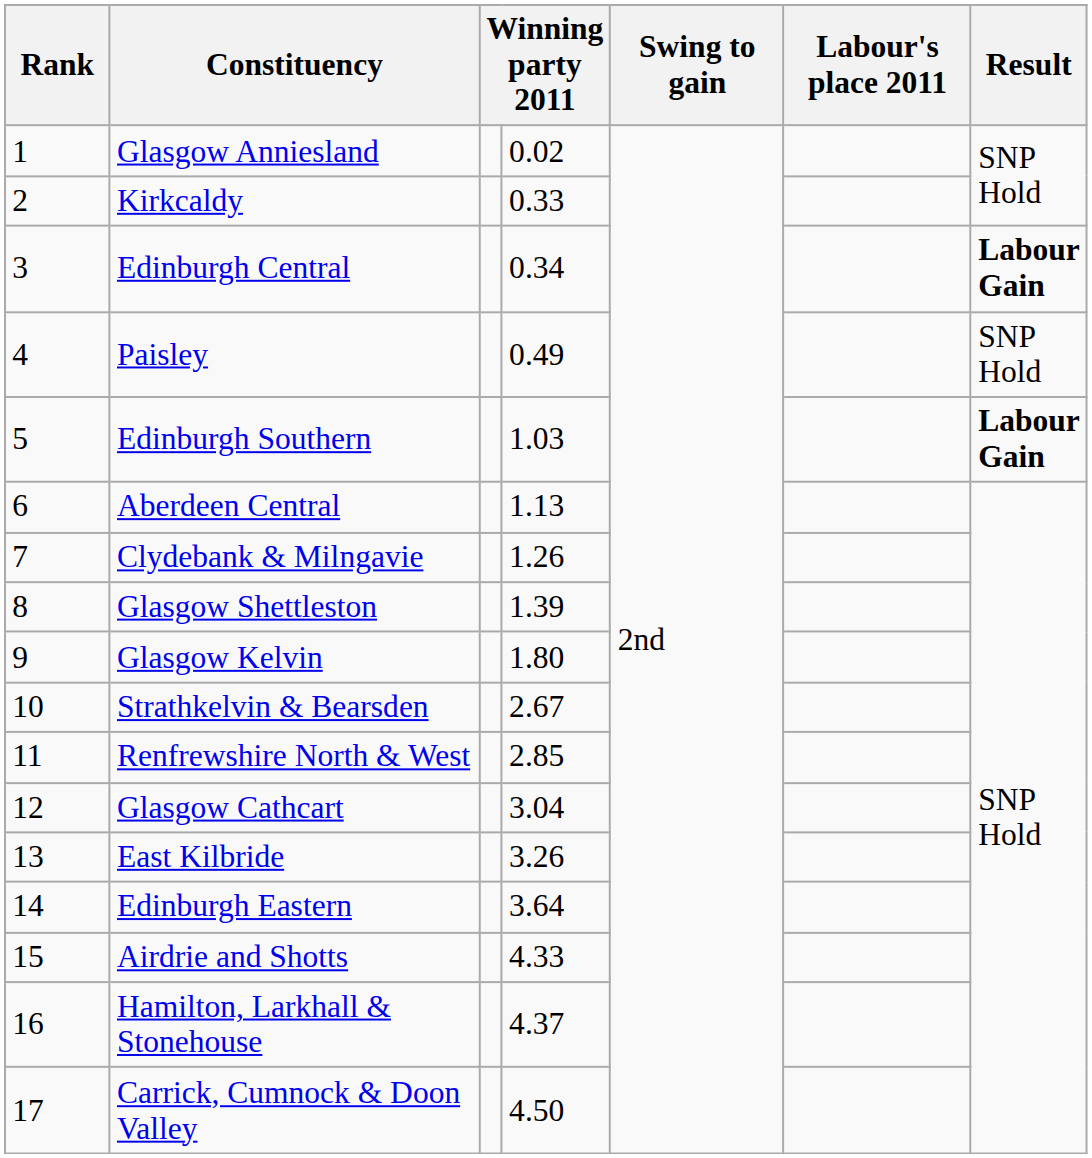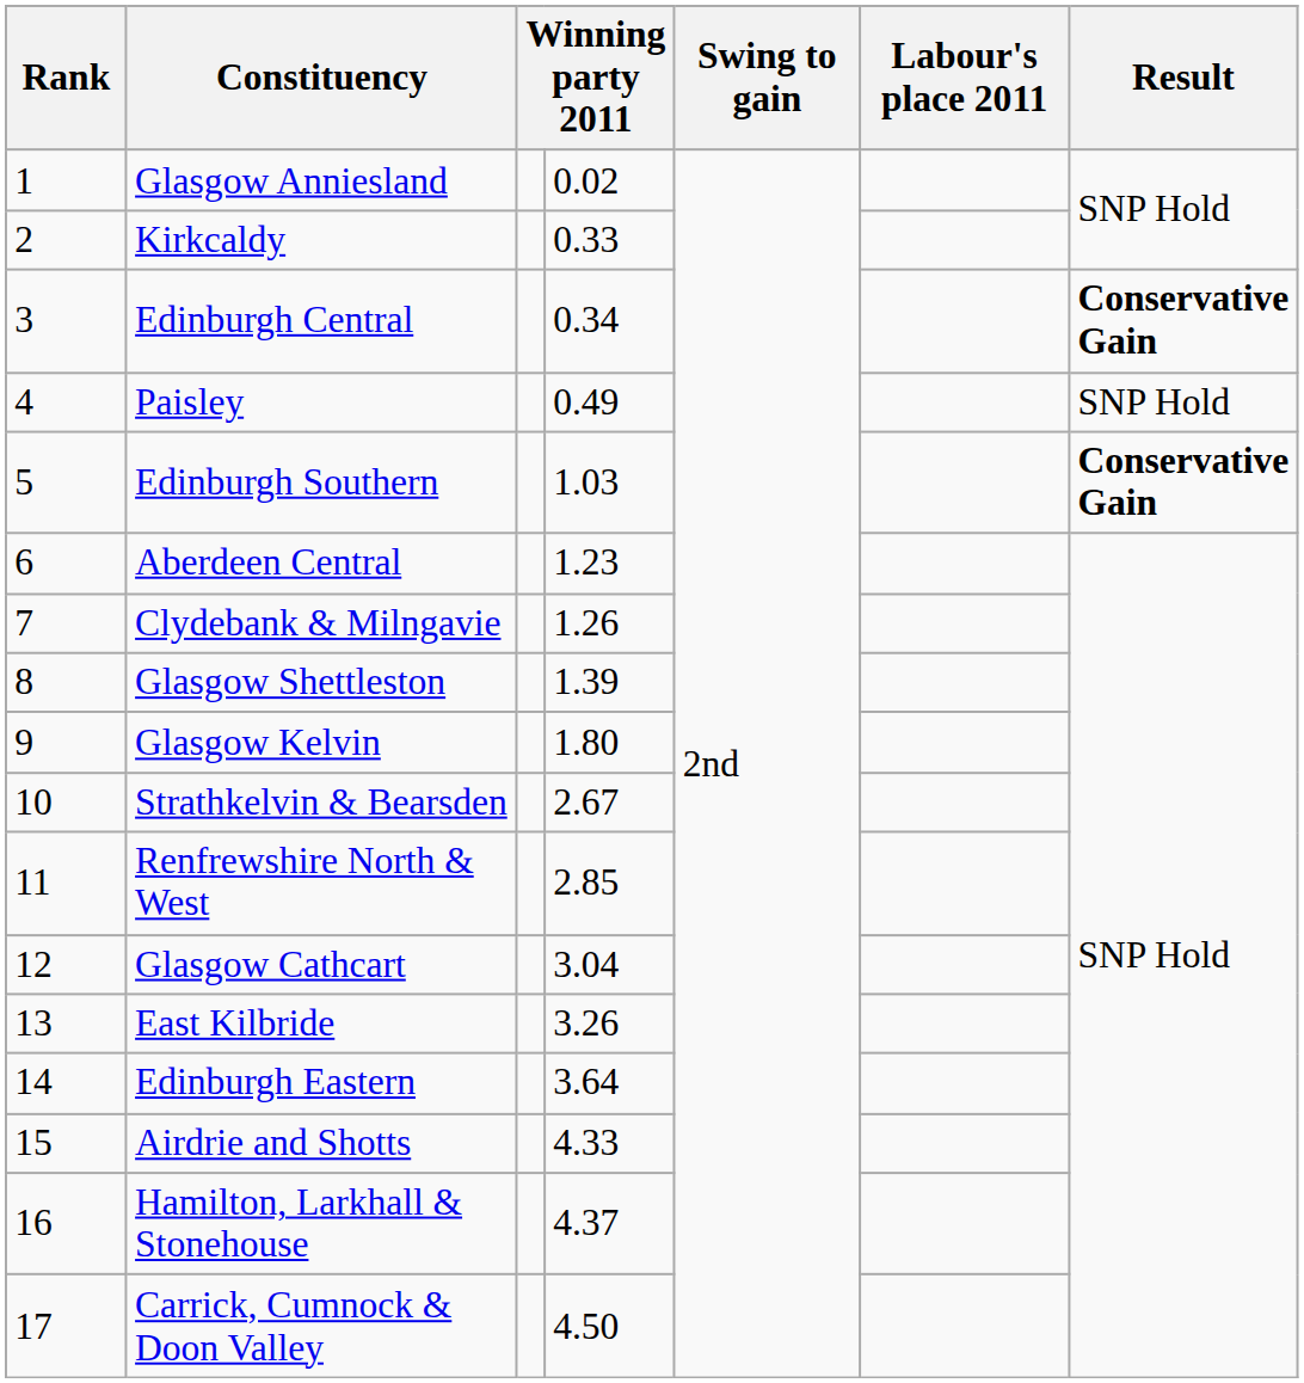 <table class="wikitable" style="width:550px">
 <tr>
 <th style="width:50px;">Rank</th>
 <th style="width:225px;">Constituency</th>
 <th colspan="2" style="width:175px;">Winning party 2011</th>
 <th style="width:100px;">Swing to gain</th>
 <th style="width:100px;">Labour's place 2011</th>
 <th colspan="2" style="width:175px;">Result</th>
 </tr>
 <tr>
 <td>1</td>
 <td><a href='#'>Glasgow Anniesland</a></td>
 <td></td>
 <td>0.02</td>
 <td rowspan="17">2nd</td>
 <td style="background-color: "></td>
 <td rowspan="2">SNP Hold</td>
 </tr>
 <tr>
 <td>2</td>
 <td><a href='#'>Kirkcaldy</a></td>
 <td></td>
 <td>0.33</td>
 <td style="background-color: "></td>
 </tr>
 <tr>
 <td>3</td>
 <td><a href='#'>Edinburgh Central</a></td>
 <td></td>
 <td>0.34</td>
 <td style="background-color: "></td>
-<td><strong>Labour Gain</strong></td>
+<td><strong>Conservative Gain</strong></td>
 </tr>
 <tr>
 <td>4</td>
 <td><a href='#'>Paisley</a></td>
 <td></td>
 <td>0.49</td>
 <td style="background-color: "></td>
 <td>SNP Hold</td>
 </tr>
 <tr>
 <td>5</td>
 <td><a href='#'>Edinburgh Southern</a></td>
 <td></td>
 <td>1.03</td>
 <td style="background-color: "></td>
-<td><strong>Labour Gain</strong></td>
+<td><strong>Conservative Gain</strong></td>
 </tr>
 <tr>
 <td>6</td>
 <td><a href='#'>Aberdeen Central</a></td>
 <td></td>
-<td>1.13</td>
+<td>1.23</td>
 <td style="background-color: "></td>
 <td rowspan="12">SNP Hold</td>
 </tr>
 <tr>
 <td>7</td>
 <td><a href='#'>Clydebank & Milngavie</a></td>
 <td></td>
 <td>1.26</td>
 <td style="background-color: "></td>
 </tr>
 <tr>
 <td>8</td>
 <td><a href='#'>Glasgow Shettleston</a></td>
 <td></td>
 <td>1.39</td>
 <td style="background-color: "></td>
 </tr>
 <tr>
 <td>9</td>
 <td><a href='#'>Glasgow Kelvin</a></td>
 <td></td>
 <td>1.80</td>
 <td style="background-color: "></td>
 </tr>
 <tr>
 <td>10</td>
 <td><a href='#'>Strathkelvin & Bearsden</a></td>
 <td></td>
 <td>2.67</td>
 <td style="background-color: "></td>
 </tr>
 <tr>
 <td>11</td>
 <td><a href='#'>Renfrewshire North & West</a></td>
 <td></td>
 <td>2.85</td>
 <td style="background-color: "></td>
 </tr>
 <tr>
 <td>12</td>
 <td><a href='#'>Glasgow Cathcart</a></td>
 <td></td>
 <td>3.04</td>
 <td style="background-color: "></td>
 </tr>
 <tr>
 <td>13</td>
 <td><a href='#'>East Kilbride</a></td>
 <td></td>
 <td>3.26</td>
 <td style="background-color: "></td>
 </tr>
 <tr>
 <td>14</td>
 <td><a href='#'>Edinburgh Eastern</a></td>
 <td></td>
 <td>3.64</td>
 <td style="background-color: "></td>
 </tr>
 <tr>
 <td>15</td>
 <td><a href='#'>Airdrie and Shotts</a></td>
 <td></td>
 <td>4.33</td>
 <td style="background-color: "></td>
 </tr>
 <tr>
 <td>16</td>
 <td><a href='#'>Hamilton, Larkhall & Stonehouse</a></td>
 <td></td>
 <td>4.37</td>
 <td style="background-color: "></td>
 </tr>
 <tr>
 <td>17</td>
 <td><a href='#'>Carrick, Cumnock & Doon Valley</a></td>
 <td></td>
 <td>4.50</td>
 <td style="background-color: "></td>
 </tr>
 </table>
